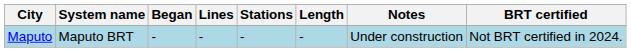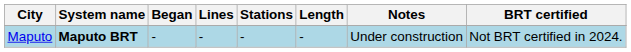 <table class="wikitable">
 <tr>
 <th>City</th>
 <th>System name</th>
 <th>Began</th>
 <th>Lines</th>
 <th>Stations</th>
 <th>Length</th>
 <th>Notes</th>
 <th>BRT certified</th>
 </tr>
 <tr>
 </tr>
 <tr style="background:lightblue;">
 <td><a href='#'>Maputo</a></td>
-<td>Maputo BRT</td>
+<td><strong>Maputo BRT</strong></td>
 <td>-</td>
 <td>-</td>
 <td>-</td>
 <td>-</td>
 <td>Under construction</td>
 <td>Not BRT certified in 2024.</td>
 </tr>
 </table>
